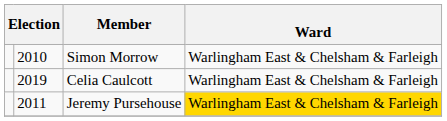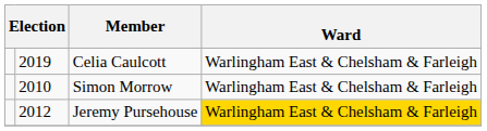 <table class="wikitable">
 <tr>
 <th colspan="2">Election</th>
 <th>Member</th>
 <th><br>Ward</th>
+</tr>
+<tr>
+<td style="background-color: "></td>
+<td>2019</td>
+<td>Celia Caulcott</td>
+<td>Warlingham East & Chelsham & Farleigh</td>
 </tr>
 <tr>
 <td style="background-color: "></td>
 <td>2010</td>
 <td>Simon Morrow</td>
 <td>Warlingham East & Chelsham & Farleigh</td>
 </tr>
 <tr>
 <td style="background-color: "></td>
-<td>2019</td>
-<td>Celia Caulcott</td>
-<td>Warlingham East & Chelsham & Farleigh</td>
-</tr>
-<tr>
-<td style="background-color: "></td>
-<td>2011</td>
+<td>2012</td>
 <td>Jeremy Pursehouse</td>
 <td style="background: gold;">Warlingham East & Chelsham & Farleigh</td>
 </tr>
 <tr>
 </tr>
 </table>
